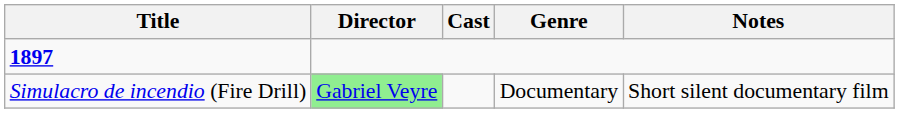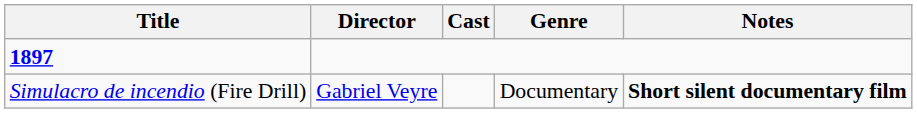 <table class="wikitable">
 <tr>
 <th>Title</th>
 <th>Director</th>
 <th>Cast</th>
 <th>Genre</th>
 <th>Notes</th>
 </tr>
 <tr>
 <td><strong><a href='#'>1897</a></strong></td>
 </tr>
 <tr>
 <td><em><a href='#'>Simulacro de incendio</a></em> (Fire Drill)</td>
-<td style="background: lightgreen;"><a href='#'>Gabriel Veyre</a></td>
+<td><a href='#'>Gabriel Veyre</a></td>
 <td></td>
 <td>Documentary</td>
-<td>Short silent documentary film</td>
+<td><strong>Short silent documentary film</strong></td>
 </tr>
 </table>
